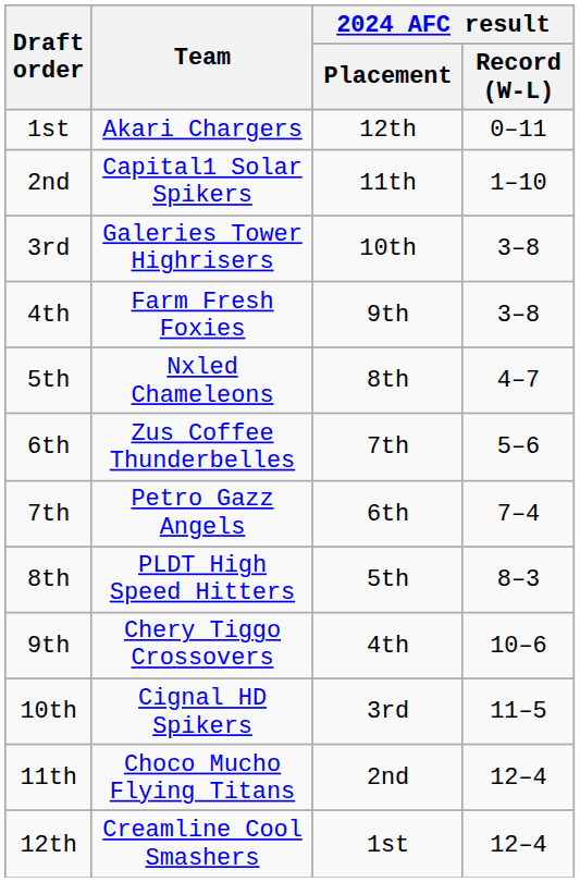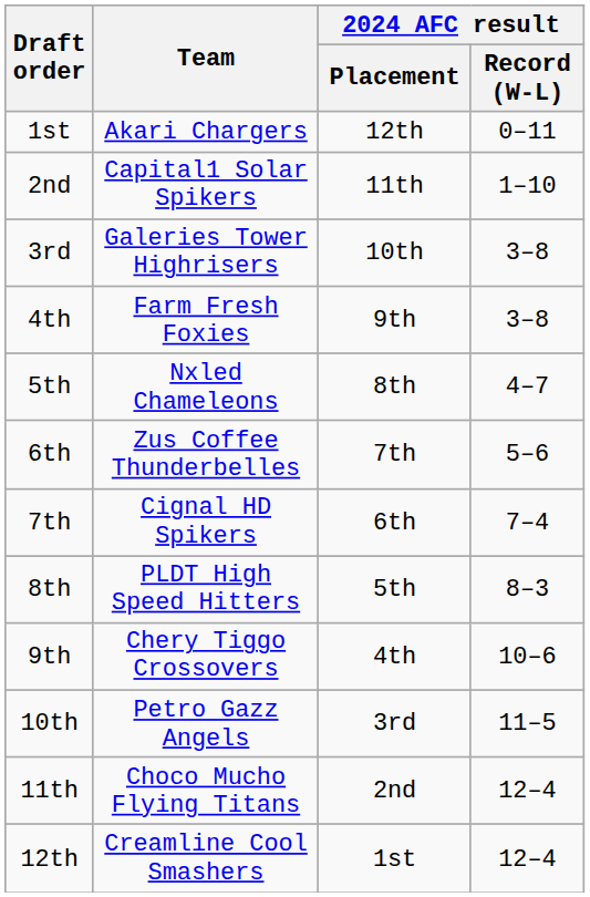 <table class="wikitable sortable" style="width:50%; text-align:center">
 <tr>
 <th width=5%; rowspan="2">Draft order</th>
 <th width=30%; rowspan="2">Team</th>
 <th width=30%; colspan="2"><a href='#'>2024 AFC</a> result</th>
 </tr>
 <tr>
 <th>Placement</th>
 <th>Record (W-L)</th>
 </tr>
 <tr>
 <td>1st</td>
 <td><a href='#'>Akari Chargers</a></td>
 <td>12th</td>
 <td>0–11</td>
 </tr>
 <tr>
 <td>2nd</td>
 <td><a href='#'>Capital1 Solar Spikers</a></td>
 <td>11th</td>
 <td>1–10</td>
 </tr>
 <tr>
 <td>3rd</td>
 <td><a href='#'>Galeries Tower Highrisers</a></td>
 <td>10th</td>
 <td>3–8</td>
 </tr>
 <tr>
 <td>4th</td>
 <td><a href='#'>Farm Fresh Foxies</a></td>
 <td>9th</td>
 <td>3–8</td>
 </tr>
 <tr>
 <td>5th</td>
 <td><a href='#'>Nxled Chameleons</a></td>
 <td>8th</td>
 <td>4–7</td>
 </tr>
 <tr>
 <td>6th</td>
 <td><a href='#'>Zus Coffee Thunderbelles</a></td>
 <td>7th</td>
 <td>5–6</td>
 </tr>
 <tr>
 <td>7th</td>
-<td><a href='#'>Petro Gazz Angels</a></td>
+<td><a href='#'>Cignal HD Spikers</a></td>
 <td>6th</td>
 <td>7–4</td>
 </tr>
 <tr>
 <td>8th</td>
 <td><a href='#'>PLDT High Speed Hitters</a></td>
 <td>5th</td>
 <td>8–3</td>
 </tr>
 <tr>
 <td>9th</td>
 <td><a href='#'>Chery Tiggo Crossovers</a></td>
 <td>4th</td>
 <td>10–6</td>
 </tr>
 <tr>
 <td>10th</td>
-<td><a href='#'>Cignal HD Spikers</a></td>
+<td><a href='#'>Petro Gazz Angels</a></td>
 <td>3rd</td>
 <td>11–5</td>
 </tr>
 <tr>
 <td>11th</td>
 <td><a href='#'>Choco Mucho Flying Titans</a></td>
 <td>2nd</td>
 <td>12–4</td>
 </tr>
 <tr>
 <td>12th</td>
 <td><a href='#'>Creamline Cool Smashers</a></td>
 <td>1st</td>
 <td>12–4</td>
 </tr>
 </table>
